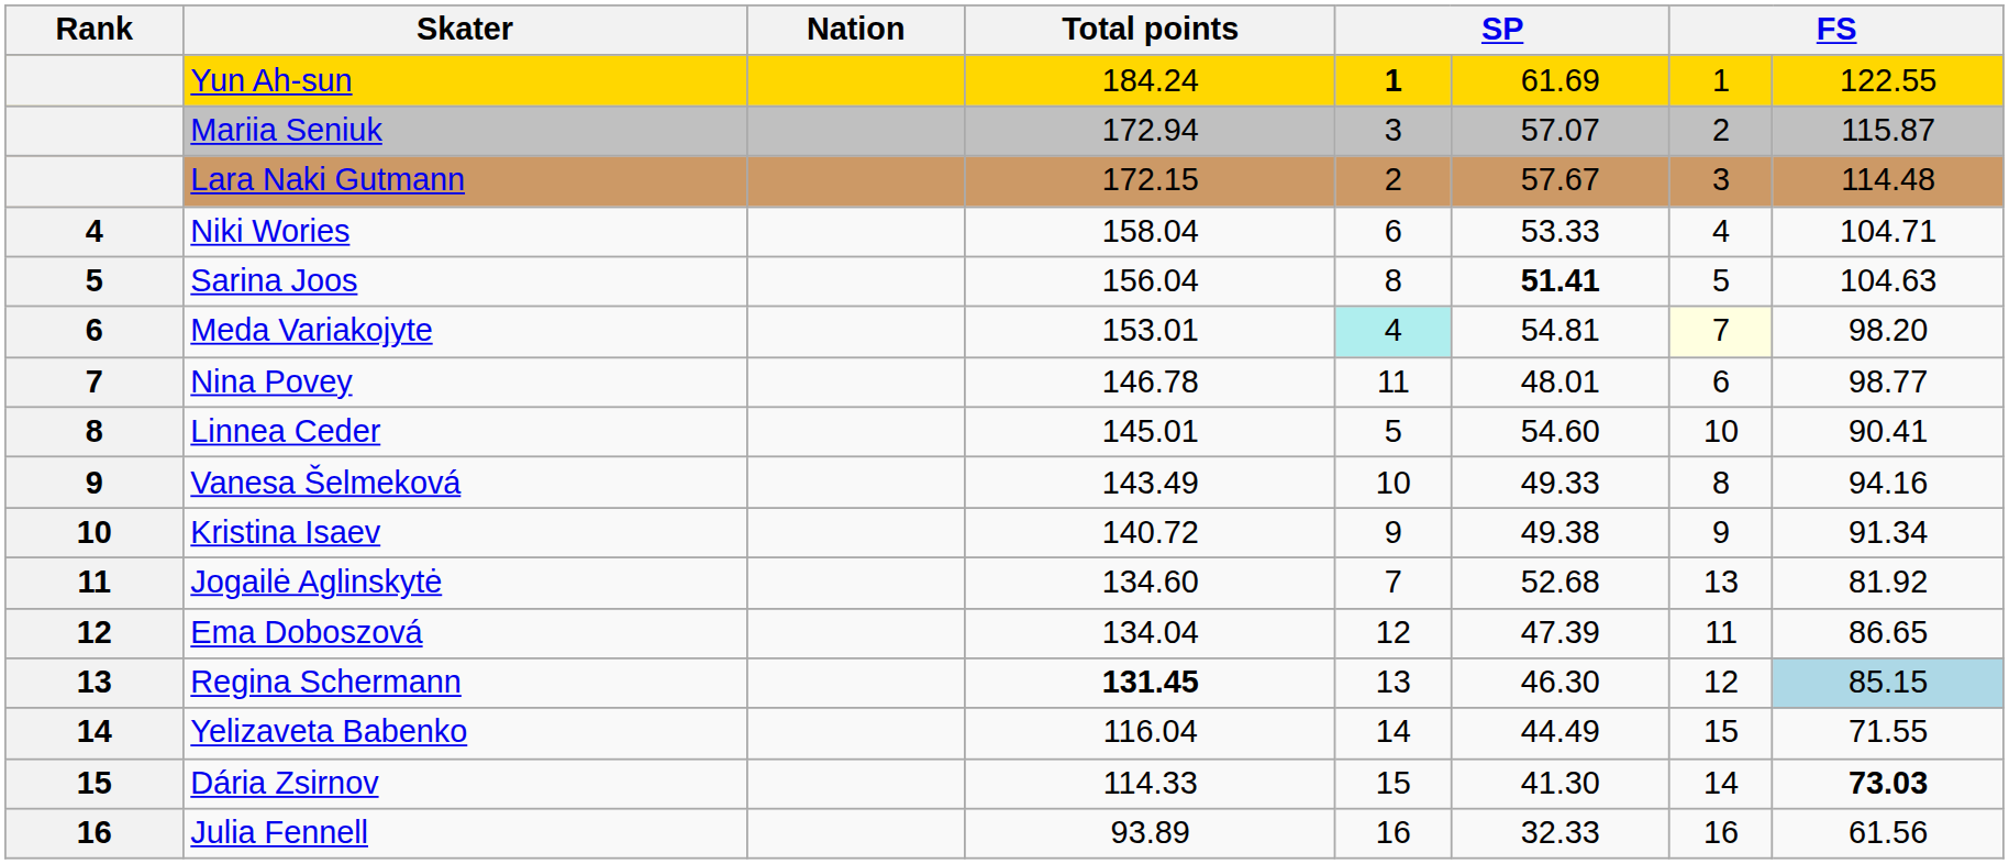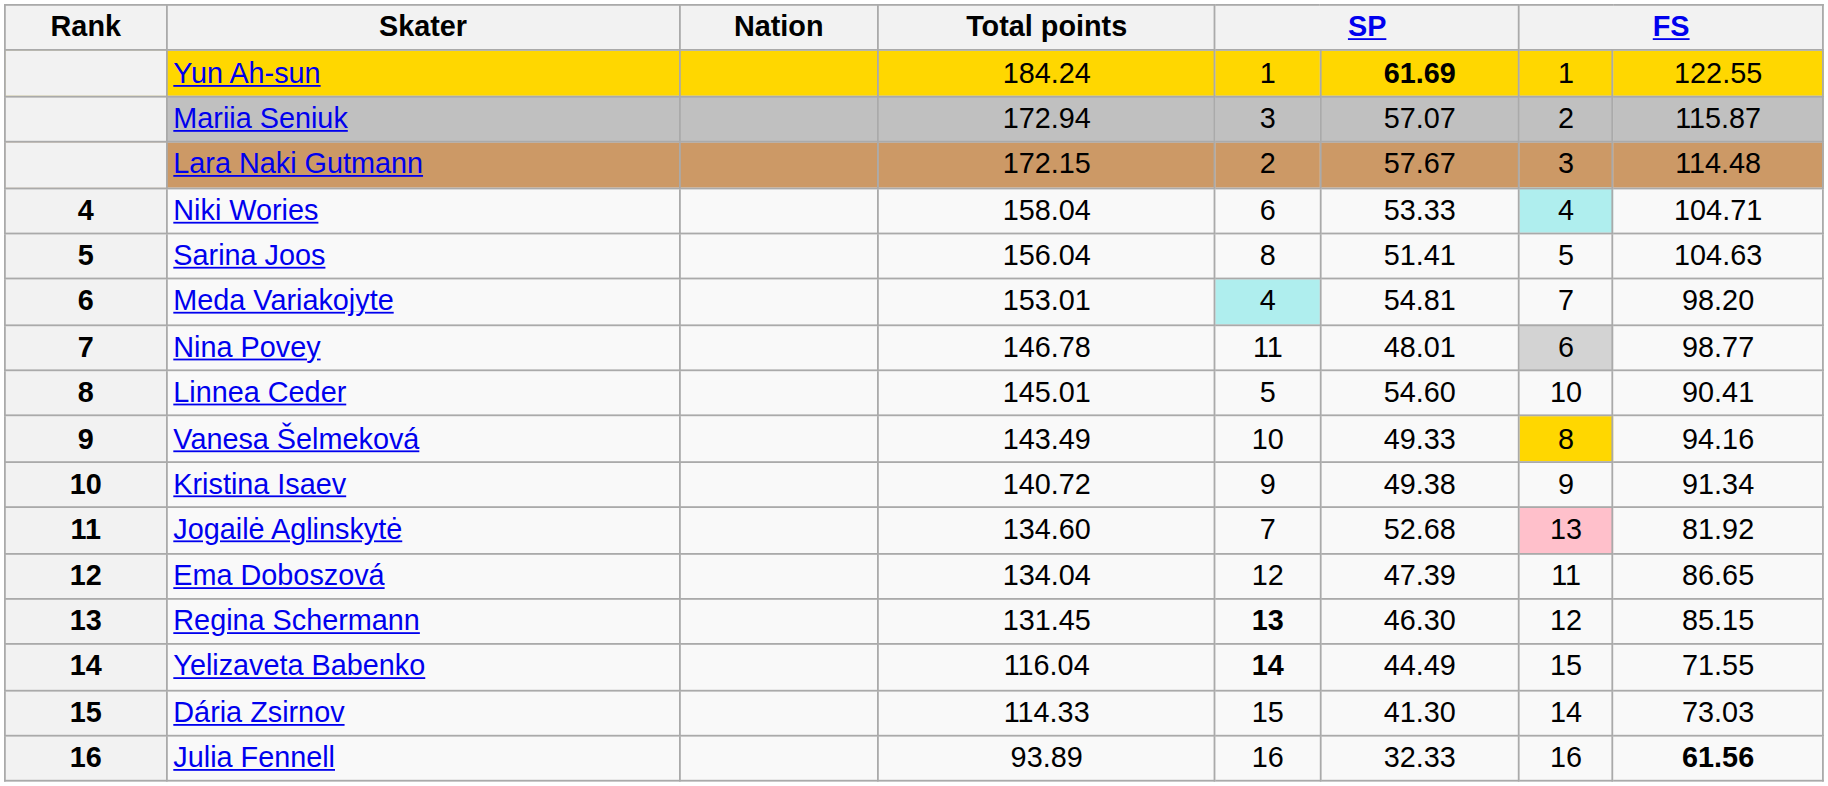 <table class="wikitable sortable" style="text-align:center;" width="80%">
 <tr>
 <th scope="col">Rank</th>
 <th scope="col">Skater</th>
 <th scope="col">Nation</th>
 <th scope="col">Total points</th>
 <th scope="col" colspan="2" width="80px"><a href='#'>SP</a></th>
 <th scope="col" colspan="2" width="80px"><a href='#'>FS</a></th>
 </tr>
 <tr bgcolor="gold">
 <th scope="row"></th>
 <td align="left"><a href='#'>Yun Ah-sun</a></td>
 <td align="left"></td>
 <td>184.24</td>
-<td><strong>1</strong></td>
-<td>61.69</td>
+<td>1</td>
+<td><strong>61.69</strong></td>
 <td>1</td>
 <td>122.55</td>
 </tr>
 <tr bgcolor="silver">
 <th scope="row"></th>
 <td align="left"><a href='#'>Mariia Seniuk</a></td>
 <td align="left"></td>
 <td>172.94</td>
 <td>3</td>
 <td>57.07</td>
 <td>2</td>
 <td>115.87</td>
 </tr>
 <tr bgcolor="cc9966">
 <th scope="row"></th>
 <td align="left"><a href='#'>Lara Naki Gutmann</a></td>
 <td align="left"></td>
 <td>172.15</td>
 <td>2</td>
 <td>57.67</td>
 <td>3</td>
 <td>114.48</td>
 </tr>
 <tr>
 <th scope="row">4</th>
 <td align="left"><a href='#'>Niki Wories</a></td>
 <td align="left"></td>
 <td>158.04</td>
 <td>6</td>
 <td>53.33</td>
-<td>4</td>
+<td style="background: paleturquoise;">4</td>
 <td>104.71</td>
 </tr>
 <tr>
 <th scope="row">5</th>
 <td align="left"><a href='#'>Sarina Joos</a></td>
 <td align="left"></td>
 <td>156.04</td>
 <td>8</td>
-<td><strong>51.41</strong></td>
+<td>51.41</td>
 <td>5</td>
 <td>104.63</td>
 </tr>
 <tr>
 <th scope="row">6</th>
 <td align="left"><a href='#'>Meda Variakojyte</a></td>
 <td align="left"></td>
 <td>153.01</td>
 <td style="background: paleturquoise;">4</td>
 <td>54.81</td>
-<td style="background: lightyellow;">7</td>
+<td>7</td>
 <td>98.20</td>
 </tr>
 <tr>
 <th scope="row">7</th>
 <td align="left"><a href='#'>Nina Povey</a></td>
 <td align="left"></td>
 <td>146.78</td>
 <td>11</td>
 <td>48.01</td>
-<td>6</td>
+<td style="background: lightgrey;">6</td>
 <td>98.77</td>
 </tr>
 <tr>
 <th scope="row">8</th>
 <td align="left"><a href='#'>Linnea Ceder</a></td>
 <td align="left"></td>
 <td>145.01</td>
 <td>5</td>
 <td>54.60</td>
 <td>10</td>
 <td>90.41</td>
 </tr>
 <tr>
 <th scope="row">9</th>
 <td align="left"><a href='#'>Vanesa Šelmeková</a></td>
 <td align="left"></td>
 <td>143.49</td>
 <td>10</td>
 <td>49.33</td>
-<td>8</td>
+<td style="background: gold;">8</td>
 <td>94.16</td>
 </tr>
 <tr>
 <th scope="row">10</th>
 <td align="left"><a href='#'>Kristina Isaev</a></td>
 <td align="left"></td>
 <td>140.72</td>
 <td>9</td>
 <td>49.38</td>
 <td>9</td>
 <td>91.34</td>
 </tr>
 <tr>
 <th scope="row">11</th>
 <td align="left"><a href='#'>Jogailė Aglinskytė</a></td>
 <td align="left"></td>
 <td>134.60</td>
 <td>7</td>
 <td>52.68</td>
-<td>13</td>
+<td style="background: pink;">13</td>
 <td>81.92</td>
 </tr>
 <tr>
 <th scope="row">12</th>
 <td align="left"><a href='#'>Ema Doboszová</a></td>
 <td align="left"></td>
 <td>134.04</td>
 <td>12</td>
 <td>47.39</td>
 <td>11</td>
 <td>86.65</td>
 </tr>
 <tr>
 <th scope="row">13</th>
 <td align="left"><a href='#'>Regina Schermann</a></td>
 <td align="left"></td>
-<td><strong>131.45</strong></td>
-<td>13</td>
+<td>131.45</td>
+<td><strong>13</strong></td>
 <td>46.30</td>
 <td>12</td>
-<td style="background: lightblue;">85.15</td>
+<td>85.15</td>
 </tr>
 <tr>
 <th scope="row">14</th>
 <td align="left"><a href='#'>Yelizaveta Babenko</a></td>
 <td align="left"></td>
 <td>116.04</td>
-<td>14</td>
+<td><strong>14</strong></td>
 <td>44.49</td>
 <td>15</td>
 <td>71.55</td>
 </tr>
 <tr>
 <th scope="row">15</th>
 <td align="left"><a href='#'>Dária Zsirnov</a></td>
 <td align="left"></td>
 <td>114.33</td>
 <td>15</td>
 <td>41.30</td>
 <td>14</td>
-<td><strong>73.03</strong></td>
+<td>73.03</td>
 </tr>
 <tr>
 <th scope="row">16</th>
 <td align="left"><a href='#'>Julia Fennell</a></td>
 <td align="left"></td>
 <td>93.89</td>
 <td>16</td>
 <td>32.33</td>
 <td>16</td>
-<td>61.56</td>
+<td><strong>61.56</strong></td>
 </tr>
 </table>
